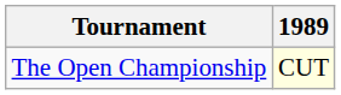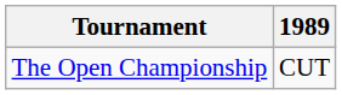 <table class="wikitable" style="font-size:95%;text-align:center;">
 <tr>
 <th>Tournament</th>
 <th>1989</th>
 </tr>
 <tr>
 <td align=left><a href='#'>The Open Championship</a></td>
-<td style="background: lightyellow;">CUT</td>
+<td>CUT</td>
 </tr>
 </table>
